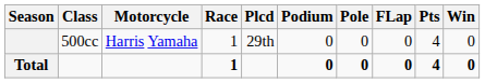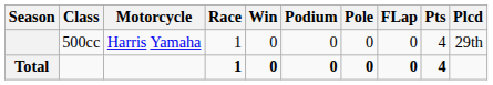 <table class="wikitable" style="text-align:right">
 <tr>
 <th>Season</th>
 <th>Class</th>
 <th>Motorcycle</th>
 <th>Race</th>
-<th>Plcd</th>
+<th>Win</th>
 <th>Podium</th>
 <th>Pole</th>
 <th>FLap</th>
 <th>Pts</th>
-<th>Win</th>
+<th>Plcd</th>
 </tr>
 <tr>
 <th></th>
 <td>500cc</td>
 <td><a href='#'>Harris</a> <a href='#'>Yamaha</a></td>
 <td>1</td>
-<td>29th</td>
+<td>0</td>
 <td>0</td>
 <td>0</td>
 <td>0</td>
 <td>4</td>
-<td>0</td>
+<td>29th</td>
 </tr>
 <tr>
 <th>Total</th>
 <td></td>
 <td></td>
 <td><strong>1</strong></td>
-<td></td>
+<td><strong>0</strong></td>
 <td><strong>0</strong></td>
 <td><strong>0</strong></td>
 <td><strong>0</strong></td>
 <td><strong>4</strong></td>
-<td><strong>0</strong></td>
+<td></td>
 </tr>
 </table>
